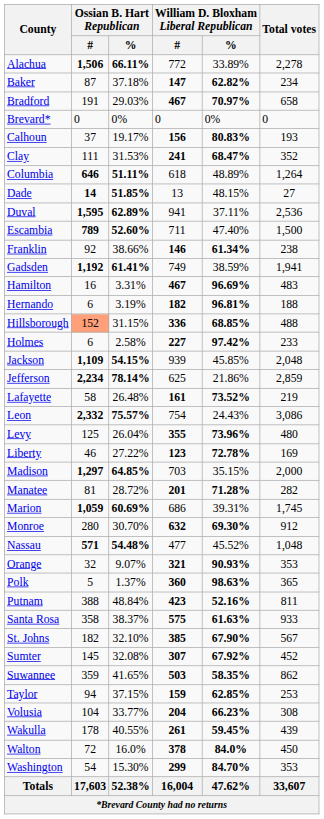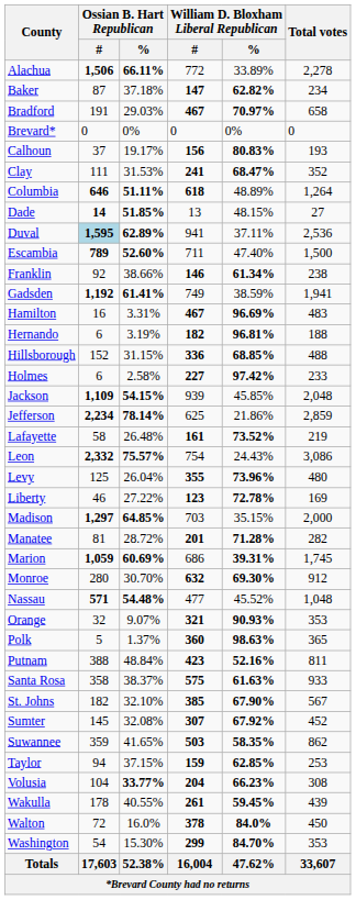 <table class="wikitable sortable">
 <tr>
 <th rowspan="2">County</th>
 <th colspan="2" style="text-align: center;" >Ossian B. Hart <br> <em>Republican</em></th>
 <th colspan="2" style="text-align: center;" >William D. Bloxham <br><em>Liberal Republican</em></th>
 <th rowspan="2">Total votes</th>
 </tr>
 <tr>
 <th colspan="1" style="text-align: center;" >#</th>
 <th colspan="1" style="text-align: center;" >%</th>
 <th colspan="1" style="text-align: center;" >#</th>
 <th colspan="1" style="text-align: center;" >%</th>
 </tr>
 <tr>
 <td><a href='#'>Alachua</a></td>
 <td align="center"><strong>1,506</strong></td>
 <td align="center"><strong>66.11%</strong></td>
 <td align="center">772</td>
 <td align="center">33.89%</td>
 <td align="center">2,278</td>
 </tr>
 <tr>
 <td><a href='#'>Baker</a></td>
 <td align="center">87</td>
 <td align="center">37.18%</td>
 <td align="center"><strong>147</strong></td>
 <td align="center"><strong>62.82%</strong></td>
 <td align="center">234</td>
 </tr>
 <tr>
 <td><a href='#'>Bradford</a></td>
 <td align="center">191</td>
 <td align="center">29.03%</td>
 <td align="center"><strong>467</strong></td>
 <td align="center"><strong>70.97%</strong></td>
 <td align="center">658</td>
 </tr>
 <tr>
 <td><a href='#'>Brevard*</a></td>
 <td>0</td>
 <td>0%</td>
 <td>0</td>
 <td>0%</td>
 <td>0</td>
 </tr>
 <tr>
 <td><a href='#'>Calhoun</a></td>
 <td align="center">37</td>
 <td align="center">19.17%</td>
 <td align="center"><strong>156</strong></td>
 <td align="center"><strong>80.83%</strong></td>
 <td align="center">193</td>
 </tr>
 <tr>
 <td><a href='#'>Clay</a></td>
 <td align="center">111</td>
 <td align="center">31.53%</td>
 <td align="center"><strong>241</strong></td>
 <td align="center"><strong>68.47%</strong></td>
 <td align="center">352</td>
 </tr>
 <tr>
 <td><a href='#'>Columbia</a></td>
 <td align="center"><strong>646</strong></td>
 <td align="center"><strong>51.11%</strong></td>
-<td align="center">618</td>
+<td align="center"><strong>618</strong></td>
 <td align="center">48.89%</td>
 <td align="center">1,264</td>
 </tr>
 <tr>
 <td><a href='#'>Dade</a></td>
 <td align="center"><strong>14</strong></td>
 <td align="center"><strong>51.85%</strong></td>
 <td align="center">13</td>
 <td align="center">48.15%</td>
 <td align="center">27</td>
 </tr>
 <tr>
 <td><a href='#'>Duval</a></td>
-<td align="center"><strong>1,595</strong></td>
+<td align="center" style="background: lightblue;"><strong>1,595</strong></td>
 <td align="center"><strong>62.89%</strong></td>
 <td align="center">941</td>
 <td align="center">37.11%</td>
 <td align="center">2,536</td>
 </tr>
 <tr>
 <td><a href='#'>Escambia</a></td>
 <td align="center"><strong>789</strong></td>
 <td align="center"><strong>52.60%</strong></td>
 <td align="center">711</td>
 <td align="center">47.40%</td>
 <td align="center">1,500</td>
 </tr>
 <tr>
 <td><a href='#'>Franklin</a></td>
 <td align="center">92</td>
 <td align="center">38.66%</td>
 <td align="center"><strong>146</strong></td>
 <td align="center"><strong>61.34%</strong></td>
 <td align="center">238</td>
 </tr>
 <tr>
 <td><a href='#'>Gadsden</a></td>
 <td align="center"><strong>1,192</strong></td>
 <td align="center"><strong>61.41%</strong></td>
 <td align="center">749</td>
 <td align="center">38.59%</td>
 <td align="center">1,941</td>
 </tr>
 <tr>
 <td><a href='#'>Hamilton</a></td>
 <td align="center">16</td>
 <td align="center">3.31%</td>
 <td align="center"><strong>467</strong></td>
 <td align="center"><strong>96.69%</strong></td>
 <td align="center">483</td>
 </tr>
 <tr>
 <td><a href='#'>Hernando</a></td>
 <td align="center">6</td>
 <td align="center">3.19%</td>
 <td align="center"><strong>182</strong></td>
 <td align="center"><strong>96.81%</strong></td>
 <td align="center">188</td>
 </tr>
 <tr>
 <td><a href='#'>Hillsborough</a></td>
-<td align="center" style="background: lightsalmon;">152</td>
+<td align="center">152</td>
 <td align="center">31.15%</td>
 <td align="center"><strong>336</strong></td>
 <td align="center"><strong>68.85%</strong></td>
 <td align="center">488</td>
 </tr>
 <tr>
 <td><a href='#'>Holmes</a></td>
 <td align="center">6</td>
 <td align="center">2.58%</td>
 <td align="center"><strong>227</strong></td>
 <td align="center"><strong>97.42%</strong></td>
 <td align="center">233</td>
 </tr>
 <tr>
 <td><a href='#'>Jackson</a></td>
 <td align="center"><strong>1,109</strong></td>
 <td align="center"><strong>54.15%</strong></td>
 <td align="center">939</td>
 <td align="center">45.85%</td>
 <td align="center">2,048</td>
 </tr>
 <tr>
 <td><a href='#'>Jefferson</a></td>
 <td align="center"><strong>2,234</strong></td>
 <td align="center"><strong>78.14%</strong></td>
 <td align="center">625</td>
 <td align="center">21.86%</td>
 <td align="center">2,859</td>
 </tr>
 <tr>
 <td><a href='#'>Lafayette</a></td>
 <td align="center">58</td>
 <td align="center">26.48%</td>
 <td align="center"><strong>161</strong></td>
 <td align="center"><strong>73.52%</strong></td>
 <td align="center">219</td>
 </tr>
 <tr>
 <td><a href='#'>Leon</a></td>
 <td align="center"><strong>2,332</strong></td>
 <td align="center"><strong>75.57%</strong></td>
 <td align="center">754</td>
 <td align="center">24.43%</td>
 <td align="center">3,086</td>
 </tr>
 <tr>
 <td><a href='#'>Levy</a></td>
 <td align="center">125</td>
 <td align="center">26.04%</td>
 <td align="center"><strong>355</strong></td>
 <td align="center"><strong>73.96%</strong></td>
 <td align="center">480</td>
 </tr>
 <tr>
 <td><a href='#'>Liberty</a></td>
 <td align="center">46</td>
 <td align="center">27.22%</td>
 <td align="center"><strong>123</strong></td>
 <td align="center"><strong>72.78%</strong></td>
 <td align="center">169</td>
 </tr>
 <tr>
 <td><a href='#'>Madison</a></td>
 <td align="center"><strong>1,297</strong></td>
 <td align="center"><strong>64.85%</strong></td>
 <td align="center">703</td>
 <td align="center">35.15%</td>
 <td align="center">2,000</td>
 </tr>
 <tr>
 <td><a href='#'>Manatee</a></td>
 <td align="center">81</td>
 <td align="center">28.72%</td>
 <td align="center"><strong>201</strong></td>
 <td align="center"><strong>71.28%</strong></td>
 <td align="center">282</td>
 </tr>
 <tr>
 <td><a href='#'>Marion</a></td>
 <td align="center"><strong>1,059</strong></td>
 <td align="center"><strong>60.69%</strong></td>
 <td align="center">686</td>
-<td align="center">39.31%</td>
+<td align="center"><strong>39.31%</strong></td>
 <td align="center">1,745</td>
 </tr>
 <tr>
 <td><a href='#'>Monroe</a></td>
 <td align="center">280</td>
 <td align="center">30.70%</td>
 <td align="center"><strong>632</strong></td>
 <td align="center"><strong>69.30%</strong></td>
 <td align="center">912</td>
 </tr>
 <tr>
 <td><a href='#'>Nassau</a></td>
 <td align="center"><strong>571</strong></td>
 <td align="center"><strong>54.48%</strong></td>
 <td align="center">477</td>
 <td align="center">45.52%</td>
 <td align="center">1,048</td>
 </tr>
 <tr>
 <td><a href='#'>Orange</a></td>
 <td align="center">32</td>
 <td align="center">9.07%</td>
 <td align="center"><strong>321</strong></td>
 <td align="center"><strong>90.93%</strong></td>
 <td align="center">353</td>
 </tr>
 <tr>
 <td><a href='#'>Polk</a></td>
 <td align="center">5</td>
 <td align="center">1.37%</td>
 <td align="center"><strong>360</strong></td>
 <td align="center"><strong>98.63%</strong></td>
 <td align="center">365</td>
 </tr>
 <tr>
 <td><a href='#'>Putnam</a></td>
 <td align="center">388</td>
 <td align="center">48.84%</td>
 <td align="center"><strong>423</strong></td>
 <td align="center"><strong>52.16%</strong></td>
 <td align="center">811</td>
 </tr>
 <tr>
 <td><a href='#'>Santa Rosa</a></td>
 <td align="center">358</td>
 <td align="center">38.37%</td>
 <td align="center"><strong>575</strong></td>
 <td align="center"><strong>61.63%</strong></td>
 <td align="center">933</td>
 </tr>
 <tr>
 <td><a href='#'>St. Johns</a></td>
 <td align="center">182</td>
 <td align="center">32.10%</td>
 <td align="center"><strong>385</strong></td>
 <td align="center"><strong>67.90%</strong></td>
 <td align="center">567</td>
 </tr>
 <tr>
 <td><a href='#'>Sumter</a></td>
 <td align="center">145</td>
 <td align="center">32.08%</td>
 <td align="center"><strong>307</strong></td>
 <td align="center"><strong>67.92%</strong></td>
 <td align="center">452</td>
 </tr>
 <tr>
 <td><a href='#'>Suwannee</a></td>
 <td align="center">359</td>
 <td align="center">41.65%</td>
 <td align="center"><strong>503</strong></td>
 <td align="center"><strong>58.35%</strong></td>
 <td align="center">862</td>
 </tr>
 <tr>
 <td><a href='#'>Taylor</a></td>
 <td align="center">94</td>
 <td align="center">37.15%</td>
 <td align="center"><strong>159</strong></td>
 <td align="center"><strong>62.85%</strong></td>
 <td align="center">253</td>
 </tr>
 <tr>
 <td><a href='#'>Volusia</a></td>
 <td align="center">104</td>
-<td align="center">33.77%</td>
+<td align="center"><strong>33.77%</strong></td>
 <td align="center"><strong>204</strong></td>
 <td align="center"><strong>66.23%</strong></td>
 <td align="center">308</td>
 </tr>
 <tr>
 <td><a href='#'>Wakulla</a></td>
 <td align="center">178</td>
 <td align="center">40.55%</td>
 <td align="center"><strong>261</strong></td>
 <td align="center"><strong>59.45%</strong></td>
 <td align="center">439</td>
 </tr>
 <tr>
 <td><a href='#'>Walton</a></td>
 <td align="center">72</td>
 <td align="center">16.0%</td>
 <td align="center"><strong>378</strong></td>
 <td align="center"><strong>84.0%</strong></td>
 <td align="center">450</td>
 </tr>
 <tr>
 <td><a href='#'>Washington</a></td>
 <td align="center">54</td>
 <td align="center">15.30%</td>
 <td align="center"><strong>299</strong></td>
 <td align="center"><strong>84.70%</strong></td>
 <td align="center">353</td>
 </tr>
 <tr>
 <th>Totals</th>
 <th><strong>17,603</strong></th>
 <th><strong>52.38%</strong></th>
 <th><strong>16,004</strong></th>
 <th><strong>47.62%</strong></th>
 <th>33,607</th>
 </tr>
 <tr>
 <th colspan="6"><strong><em><small>*Brevard County had no returns</small></em></strong></th>
 </tr>
 </table>
